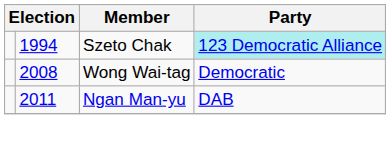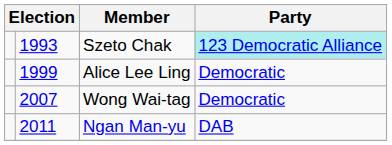 <table class="wikitable">
 <tr>
 <th colspan="2">Election</th>
 <th>Member</th>
 <th>Party</th>
 </tr>
 <tr>
 <td style="background-color:"></td>
-<td><a href='#'>1994</a></td>
+<td><a href='#'>1993</a></td>
 <td>Szeto Chak</td>
 <td style="background: paleturquoise;"><a href='#'>123 Democratic Alliance</a></td>
 </tr>
 <tr>
 <td style="background-color:"></td>
-<td><a href='#'>2008</a></td>
+<td><a href='#'>1999</a></td>
+<td>Alice Lee Ling</td>
+<td><a href='#'>Democratic</a></td>
+</tr>
+<tr>
+<td style="background-color:"></td>
+<td><a href='#'>2007</a></td>
 <td>Wong Wai-tag</td>
 <td><a href='#'>Democratic</a></td>
 </tr>
 <tr>
 <td style="background-color:"></td>
 <td><a href='#'>2011</a></td>
 <td><a href='#'>Ngan Man-yu</a></td>
 <td><a href='#'>DAB</a></td>
 </tr>
 <tr>
 </tr>
 </table>
